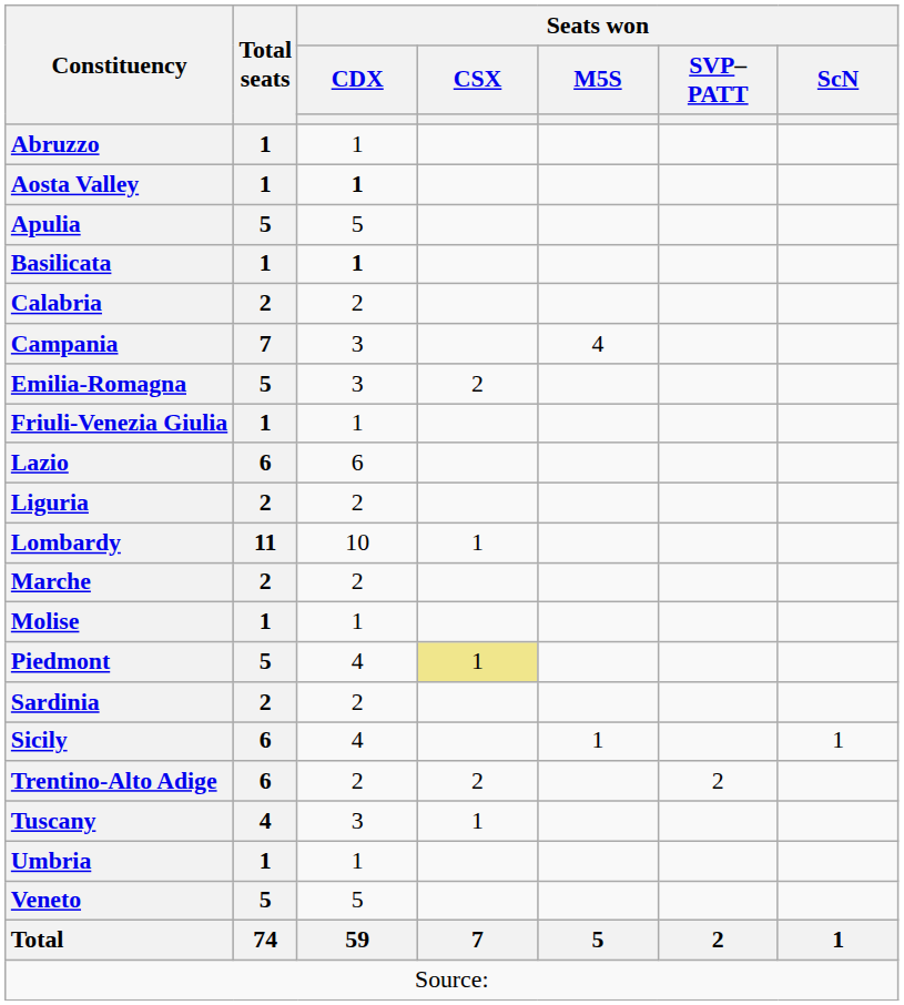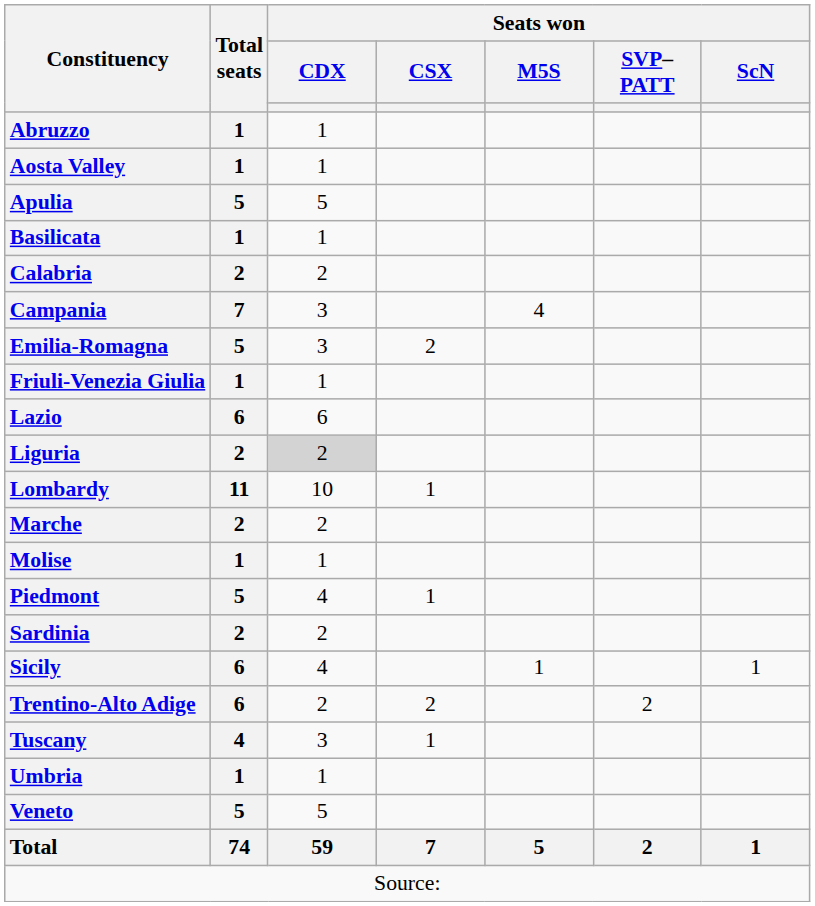 <table class="wikitable" style="text-align:center; font-size: 0.9em;">
 <tr>
 <th rowspan="3">Constituency</th>
 <th rowspan="3">Total<br>seats</th>
 <th colspan="5">Seats won</th>
 </tr>
 <tr>
 <th class="unsortable" style="width:65px;"><a href='#'>CDX</a></th>
 <th class="unsortable" style="width:65px;"><a href='#'>CSX</a></th>
 <th class="unsortable" style="width:65px;"><a href='#'>M5S</a></th>
 <th class="unsortable" style="width:65px;"><a href='#'>SVP</a>–<a href='#'>PATT</a></th>
 <th class="unsortable" style="width:65px;"><a href='#'>ScN</a></th>
 </tr>
 <tr>
 <th style="background:"></th>
 <th style="background:"></th>
 <th style="background:"></th>
 <th style="background:"></th>
 <th style="background:"></th>
 </tr>
 <tr>
 <th style="text-align: left;"><a href='#'>Abruzzo</a></th>
 <th>1</th>
 <td>1</td>
 <td></td>
 <td></td>
 <td></td>
 <td></td>
 </tr>
 <tr>
 <th style="text-align: left;"><a href='#'>Aosta Valley</a></th>
 <th>1</th>
-<td><strong>1</strong></td>
+<td>1</td>
 <td></td>
 <td></td>
 <td></td>
 <td></td>
 </tr>
 <tr>
 <th style="text-align: left;"><a href='#'>Apulia</a></th>
 <th>5</th>
 <td>5</td>
 <td></td>
 <td></td>
 <td></td>
 <td></td>
 </tr>
 <tr>
 <th style="text-align: left;"><a href='#'>Basilicata</a></th>
 <th>1</th>
-<td><strong>1</strong></td>
+<td>1</td>
 <td></td>
 <td></td>
 <td></td>
 <td></td>
 </tr>
 <tr>
 <th style="text-align: left;"><a href='#'>Calabria</a></th>
 <th>2</th>
 <td>2</td>
 <td></td>
 <td></td>
 <td></td>
 <td></td>
 </tr>
 <tr>
 <th style="text-align: left;"><a href='#'>Campania</a></th>
 <th>7</th>
 <td>3</td>
 <td></td>
 <td>4</td>
 <td></td>
 <td></td>
 </tr>
 <tr>
 <th style="text-align: left;"><a href='#'>Emilia-Romagna</a></th>
 <th>5</th>
 <td>3</td>
 <td>2</td>
 <td></td>
 <td></td>
 <td></td>
 </tr>
 <tr>
 <th style="text-align: left;"><a href='#'>Friuli-Venezia Giulia</a></th>
 <th>1</th>
 <td>1</td>
 <td></td>
 <td></td>
 <td></td>
 <td></td>
 </tr>
 <tr>
 <th style="text-align: left;"><a href='#'>Lazio</a></th>
 <th>6</th>
 <td>6</td>
 <td></td>
 <td></td>
 <td></td>
 <td></td>
 </tr>
 <tr>
 <th style="text-align: left;"><a href='#'>Liguria</a></th>
 <th>2</th>
-<td>2</td>
+<td style="background: lightgrey;">2</td>
 <td></td>
 <td></td>
 <td></td>
 <td></td>
 </tr>
 <tr>
 <th style="text-align: left;"><a href='#'>Lombardy</a></th>
 <th>11</th>
 <td>10</td>
 <td>1</td>
 <td></td>
 <td></td>
 <td></td>
 </tr>
 <tr>
 <th style="text-align: left;"><a href='#'>Marche</a></th>
 <th>2</th>
 <td>2</td>
 <td></td>
 <td></td>
 <td></td>
 <td></td>
 </tr>
 <tr>
 <th style="text-align: left;"><a href='#'>Molise</a></th>
 <th>1</th>
 <td>1</td>
 <td></td>
 <td></td>
 <td></td>
 <td></td>
 </tr>
 <tr>
 <th style="text-align: left;"><a href='#'>Piedmont</a></th>
 <th>5</th>
 <td>4</td>
-<td style="background: khaki;">1</td>
+<td>1</td>
 <td></td>
 <td></td>
 <td></td>
 </tr>
 <tr>
 <th style="text-align: left;"><a href='#'>Sardinia</a></th>
 <th>2</th>
 <td>2</td>
 <td></td>
 <td></td>
 <td></td>
 <td></td>
 </tr>
 <tr>
 <th style="text-align: left;"><a href='#'>Sicily</a></th>
 <th>6</th>
 <td>4</td>
 <td></td>
 <td>1</td>
 <td></td>
 <td>1</td>
 </tr>
 <tr>
 <th style="text-align: left;"><a href='#'>Trentino-Alto Adige</a></th>
 <th>6</th>
 <td>2</td>
 <td>2</td>
 <td></td>
 <td>2</td>
 <td></td>
 </tr>
 <tr>
 <th style="text-align: left;"><a href='#'>Tuscany</a></th>
 <th>4</th>
 <td>3</td>
 <td>1</td>
 <td></td>
 <td></td>
 <td></td>
 </tr>
 <tr>
 <th style="text-align: left;"><a href='#'>Umbria</a></th>
 <th>1</th>
 <td>1</td>
 <td></td>
 <td></td>
 <td></td>
 <td></td>
 </tr>
 <tr>
 <th style="text-align: left;"><a href='#'>Veneto</a></th>
 <th>5</th>
 <td>5</td>
 <td></td>
 <td></td>
 <td></td>
 <td></td>
 </tr>
 <tr>
 <th style="text-align: left;">Total</th>
 <th>74</th>
 <th>59</th>
 <th>7</th>
 <th>5</th>
 <th>2</th>
 <th>1</th>
 </tr>
 <tr>
 <td colspan="7">Source: </td>
 </tr>
 </table>
